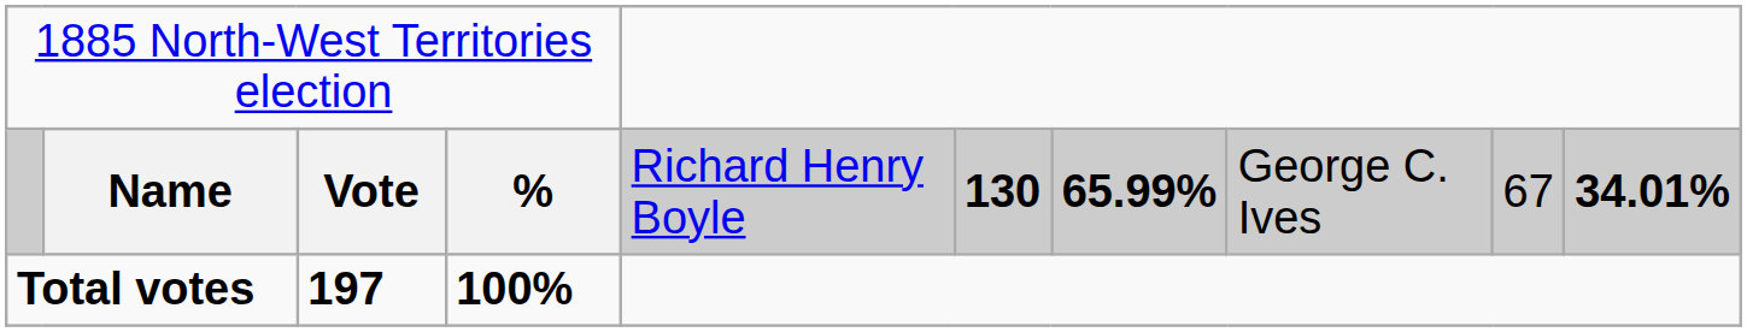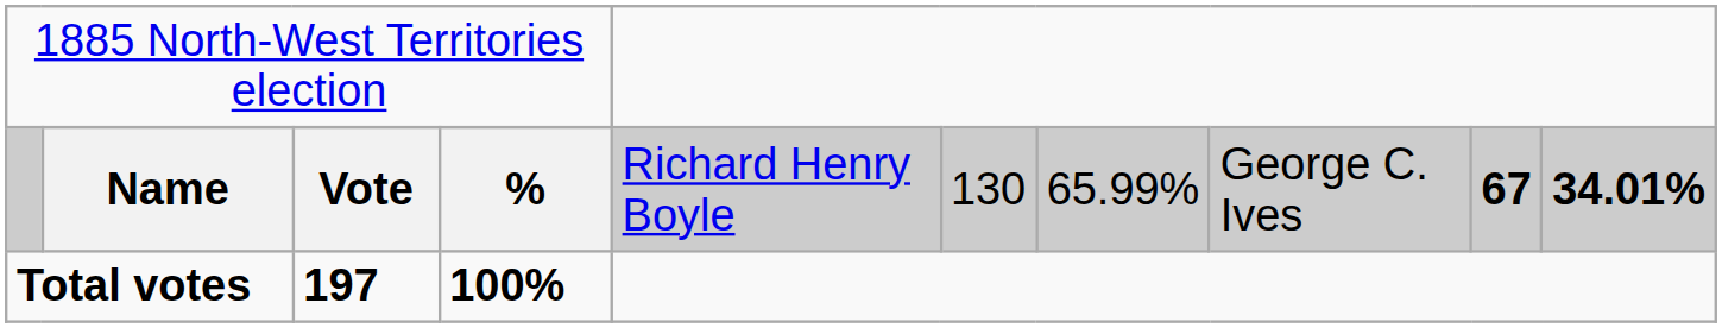 <table class="wikitable">
 <tr>
 <td colspan=4 align=center><a href='#'>1885 North-West Territories election</a></td>
 </tr>
 <tr bgcolor="CCCCCC">
 <td></td>
 <th>Name</th>
 <th>Vote</th>
 <th>%<br></th>
 <td><a href='#'>Richard Henry Boyle</a></td>
-<td><strong>130</strong></td>
-<td><strong>65.99%<br></strong></td>
+<td>130</td>
+<td>65.99%<br></td>
 <td>George C. Ives</td>
-<td>67</td>
+<td><strong>67</strong></td>
 <td><strong>34.01%</strong></td>
 </tr>
 <tr>
 <td colspan=2><strong>Total votes</strong></td>
 <td><strong>197</strong></td>
 <td alignment="left"><strong>100%</strong></td>
 </tr>
 </table>
